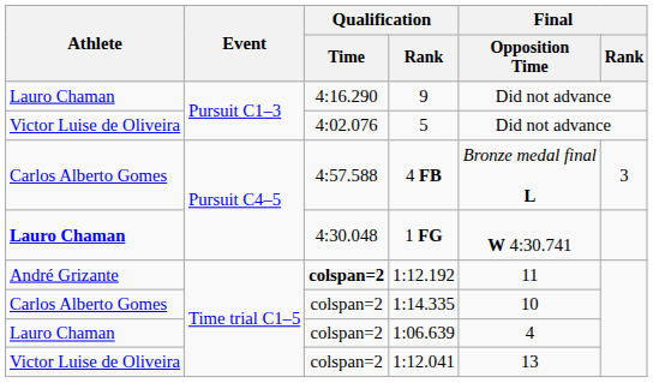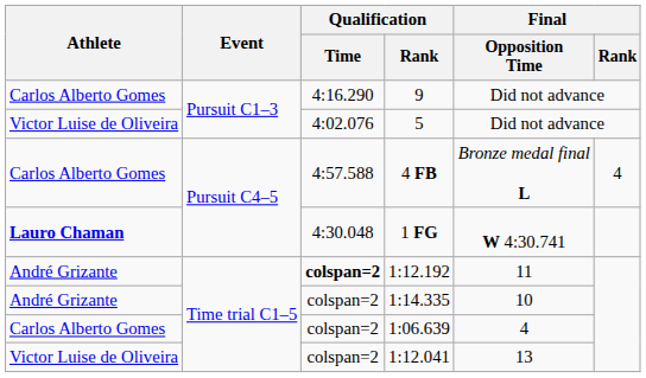 <table class=wikitable style="font-size:90%">
 <tr>
 <th rowspan="2">Athlete</th>
 <th rowspan="2">Event</th>
 <th colspan="2">Qualification</th>
 <th colspan="2">Final</th>
 </tr>
 <tr style="font-size:95%">
 <th>Time</th>
 <th>Rank</th>
 <th>Opposition<br>Time</th>
 <th>Rank</th>
 </tr>
 <tr align=center>
-<td align=left><a href='#'>Lauro Chaman</a></td>
+<td align=left><a href='#'>Carlos Alberto Gomes</a></td>
 <td align=left rowspan=2><a href='#'>Pursuit C1–3</a></td>
 <td>4:16.290</td>
 <td>9</td>
 <td colspan=2>Did not advance</td>
 </tr>
 <tr align=center>
 <td align=left><a href='#'>Victor Luise de Oliveira</a></td>
 <td>4:02.076</td>
 <td>5</td>
 <td colspan=2>Did not advance</td>
 </tr>
 <tr align=center>
 <td align=left><a href='#'>Carlos Alberto Gomes</a></td>
 <td align=left rowspan=2><a href='#'>Pursuit C4–5</a></td>
 <td>4:57.588</td>
 <td>4 <strong>FB</strong></td>
 <td><em>Bronze medal final</em><br><br><strong>L</strong> </td>
-<td>3</td>
+<td>4</td>
 </tr>
 <tr align=center>
 <td align=left><strong><a href='#'>Lauro Chaman</a></strong></td>
 <td>4:30.048</td>
 <td>1 <strong>FG</strong></td>
 <td><br><strong>W</strong> 4:30.741</td>
 <td></td>
 </tr>
 <tr align=center>
 <td align=left><a href='#'>André Grizante</a></td>
 <td align=left rowspan=4><a href='#'>Time trial C1–5</a></td>
 <td><strong>colspan=2 </strong></td>
 <td>1:12.192</td>
 <td>11</td>
 </tr>
 <tr align=center>
-<td align=left><a href='#'>Carlos Alberto Gomes</a></td>
+<td align=left><a href='#'>André Grizante</a></td>
 <td>colspan=2 </td>
 <td>1:14.335</td>
 <td>10</td>
 </tr>
 <tr align=center>
-<td align=left><a href='#'>Lauro Chaman</a></td>
+<td align=left><a href='#'>Carlos Alberto Gomes</a></td>
 <td>colspan=2 </td>
 <td>1:06.639</td>
 <td>4</td>
 </tr>
 <tr align=center>
 <td align=left><a href='#'>Victor Luise de Oliveira</a></td>
 <td>colspan=2 </td>
 <td>1:12.041</td>
 <td>13</td>
 </tr>
 </table>
